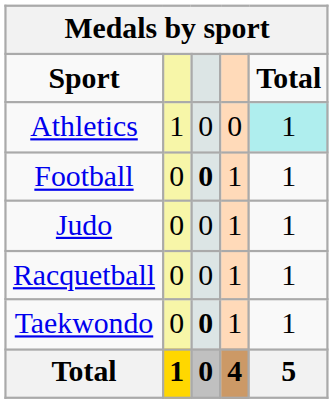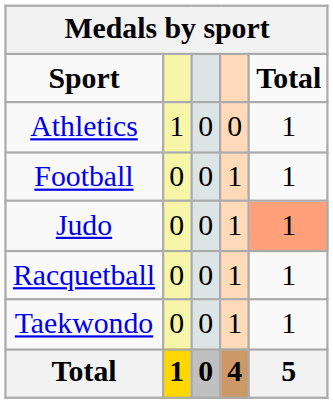 <table class="wikitable" style="font-size:85%; float:right;">
 <tr style="background:#efefef;">
 <th colspan=7><strong>Medals by sport</strong></th>
 </tr>
 <tr align=center>
 <td><strong>Sport</strong></td>
 <td style="background:#f7f6a8;"></td>
 <td style="background:#dce5e5;"></td>
 <td style="background:#ffdab9;"></td>
 <td><strong>Total</strong></td>
 </tr>
 <tr align=center>
 <td><a href='#'>Athletics</a></td>
 <td style="background:#f7f6a8;">1</td>
 <td style="background:#dce5e5;">0</td>
 <td style="background:#ffdab9;">0</td>
-<td style="background: paleturquoise;">1</td>
+<td>1</td>
 </tr>
 <tr align=center>
 <td><a href='#'>Football</a></td>
 <td style="background:#f7f6a8;">0</td>
-<td style="background:#dce5e5;"><strong>0</strong></td>
+<td style="background:#dce5e5;">0</td>
 <td style="background:#ffdab9;">1</td>
 <td>1</td>
 </tr>
 <tr align=center>
 <td><a href='#'>Judo</a></td>
 <td style="background:#f7f6a8;">0</td>
 <td style="background:#dce5e5;">0</td>
 <td style="background:#ffdab9;">1</td>
-<td>1</td>
+<td style="background: lightsalmon;">1</td>
 </tr>
 <tr align=center>
 <td><a href='#'>Racquetball</a></td>
 <td style="background:#f7f6a8;">0</td>
 <td style="background:#dce5e5;">0</td>
 <td style="background:#ffdab9;">1</td>
 <td>1</td>
 </tr>
 <tr align=center>
 <td><a href='#'>Taekwondo</a></td>
 <td style="background:#f7f6a8;">0</td>
-<td style="background:#dce5e5;"><strong>0</strong></td>
+<td style="background:#dce5e5;">0</td>
 <td style="background:#ffdab9;">1</td>
 <td>1</td>
 </tr>
 <tr align=center>
 <th><strong>Total</strong></th>
 <th style="background:gold;"><strong>1</strong></th>
 <th style="background:silver;"><strong>0</strong></th>
 <th style="background:#c96;"><strong>4</strong></th>
 <th><strong>5</strong></th>
 </tr>
 </table>
